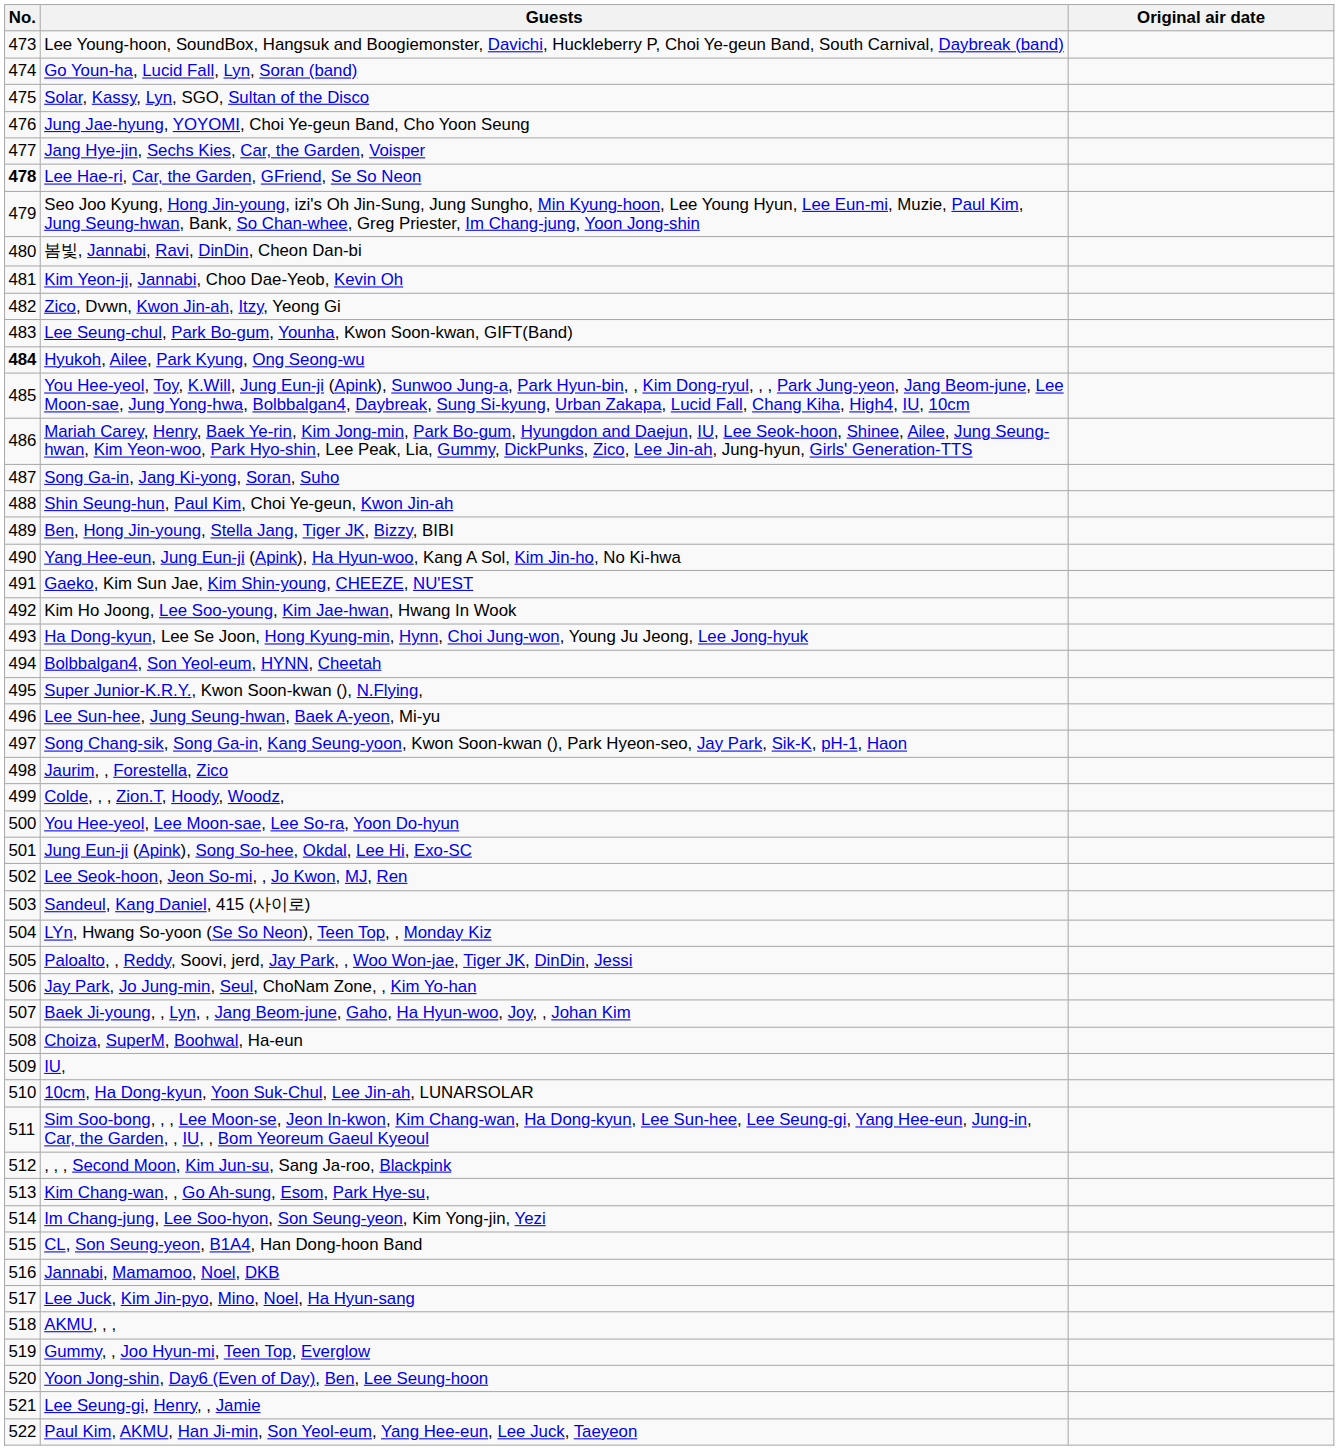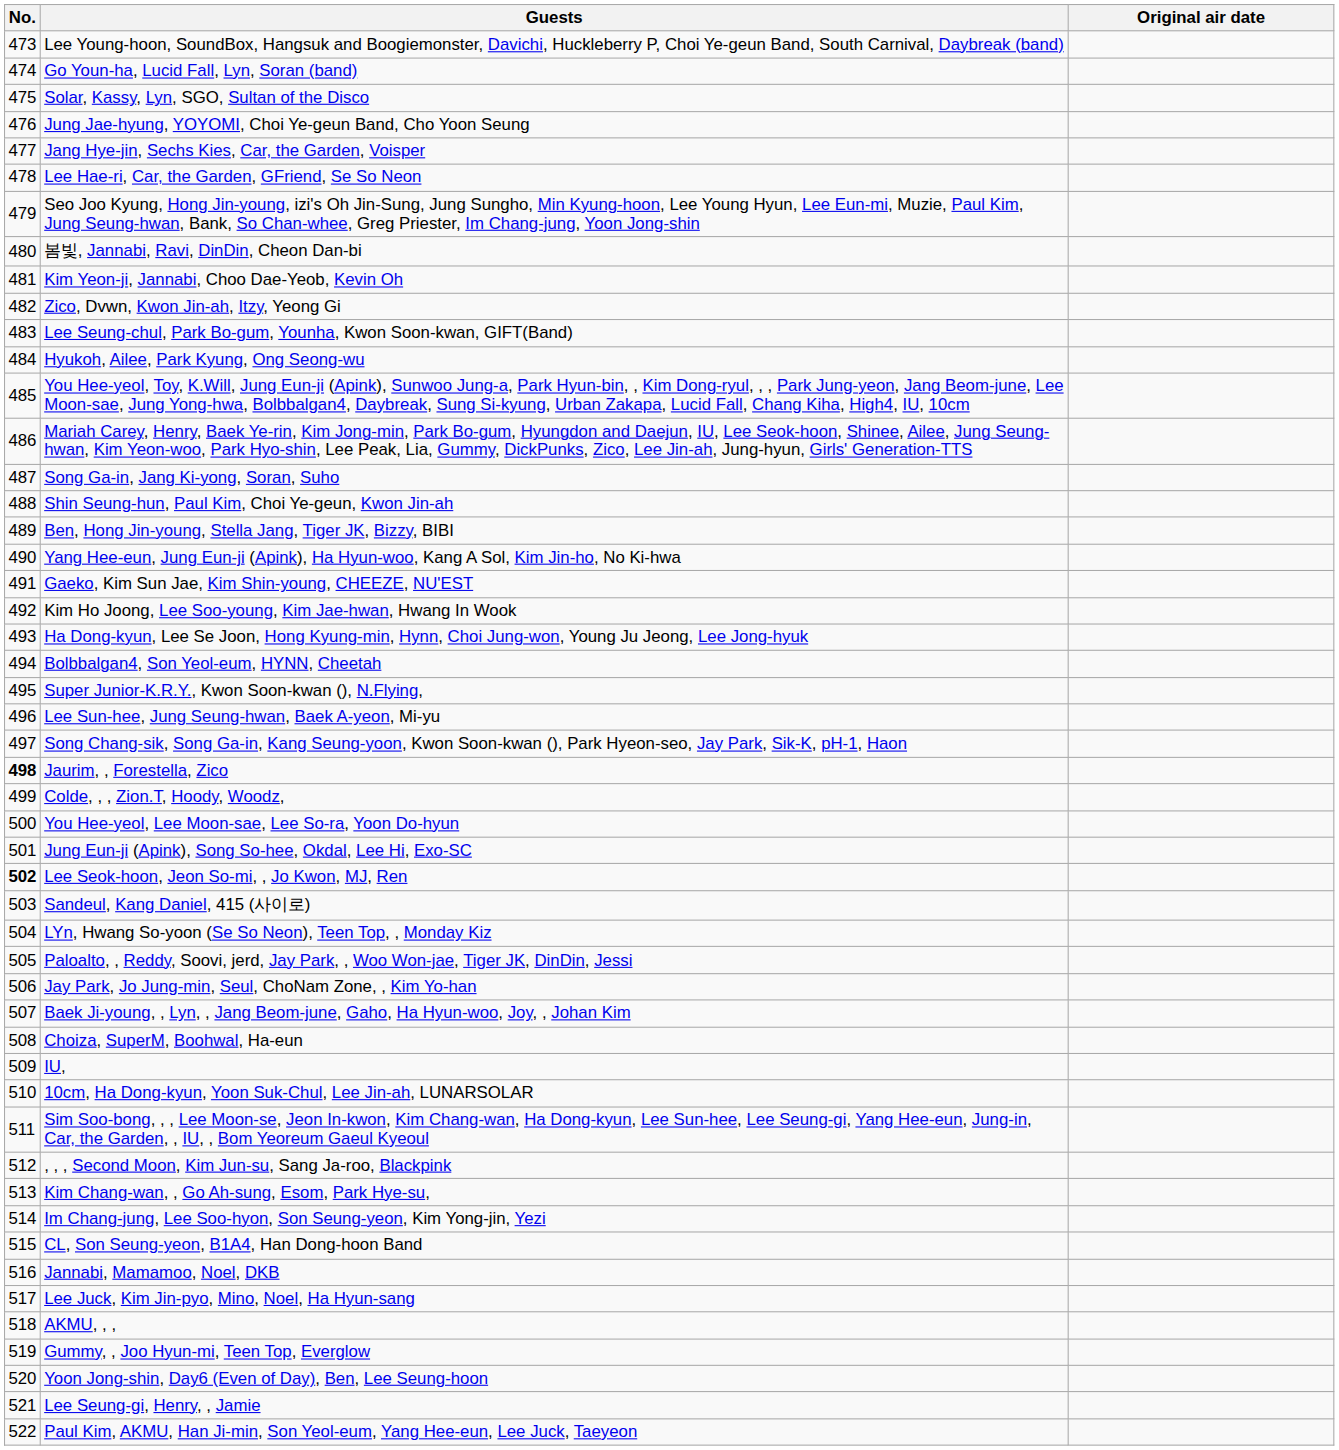 <table class="wikitable" style="width:80%; style="text-align:center" margin:auto; background:#FFFFFF;">
 <tr>
 <th>No.</th>
 <th>Guests</th>
 <th width="20%">Original air date</th>
 </tr>
 <tr>
 <td>473</td>
 <td>Lee Young-hoon, SoundBox, Hangsuk and Boogiemonster, <a href='#'>Davichi</a>, Huckleberry P, Choi Ye-geun Band, South Carnival, <a href='#'>Daybreak (band)</a></td>
 <td></td>
 </tr>
 <tr>
 <td>474</td>
 <td><a href='#'>Go Youn-ha</a>, <a href='#'>Lucid Fall</a>, <a href='#'>Lyn</a>, <a href='#'>Soran (band)</a></td>
 <td></td>
 </tr>
 <tr>
 <td>475</td>
 <td><a href='#'>Solar</a>, <a href='#'>Kassy</a>, <a href='#'>Lyn</a>, SGO, <a href='#'>Sultan of the Disco</a></td>
 <td></td>
 </tr>
 <tr>
 <td>476</td>
 <td><a href='#'>Jung Jae-hyung</a>, <a href='#'>YOYOMI</a>, Choi Ye-geun Band, Cho Yoon Seung</td>
 <td></td>
 </tr>
 <tr>
 <td>477</td>
 <td><a href='#'>Jang Hye-jin</a>, <a href='#'>Sechs Kies</a>, <a href='#'>Car, the Garden</a>, <a href='#'>Voisper</a></td>
 <td></td>
 </tr>
 <tr>
-<td><strong>478</strong></td>
+<td>478</td>
 <td><a href='#'>Lee Hae-ri</a>, <a href='#'>Car, the Garden</a>, <a href='#'>GFriend</a>, <a href='#'>Se So Neon</a></td>
 <td></td>
 </tr>
 <tr>
 <td>479</td>
 <td>Seo Joo Kyung, <a href='#'>Hong Jin-young</a>, izi's Oh Jin-Sung, Jung Sungho, <a href='#'>Min Kyung-hoon</a>, Lee Young Hyun, <a href='#'>Lee Eun-mi</a>, Muzie, <a href='#'>Paul Kim</a>, <a href='#'>Jung Seung-hwan</a>, Bank, <a href='#'>So Chan-whee</a>, Greg Priester, <a href='#'>Im Chang-jung</a>, <a href='#'>Yoon Jong-shin</a></td>
 <td></td>
 </tr>
 <tr>
 <td>480</td>
 <td>봄빛, <a href='#'>Jannabi</a>, <a href='#'>Ravi</a>, <a href='#'>DinDin</a>, Cheon Dan-bi</td>
 <td></td>
 </tr>
 <tr>
 <td>481</td>
 <td><a href='#'>Kim Yeon-ji</a>, <a href='#'>Jannabi</a>, Choo Dae-Yeob, <a href='#'>Kevin Oh</a></td>
 <td></td>
 </tr>
 <tr>
 <td>482</td>
 <td><a href='#'>Zico</a>, Dvwn, <a href='#'>Kwon Jin-ah</a>, <a href='#'>Itzy</a>, Yeong Gi</td>
 <td></td>
 </tr>
 <tr>
 <td>483</td>
 <td><a href='#'>Lee Seung-chul</a>, <a href='#'>Park Bo-gum</a>, <a href='#'>Younha</a>, Kwon Soon-kwan, GIFT(Band)</td>
 <td></td>
 </tr>
 <tr>
-<td><strong>484</strong></td>
+<td>484</td>
 <td><a href='#'>Hyukoh</a>, <a href='#'>Ailee</a>, <a href='#'>Park Kyung</a>, <a href='#'>Ong Seong-wu</a></td>
 <td></td>
 </tr>
 <tr>
 <td>485</td>
 <td><a href='#'>You Hee-yeol</a>, <a href='#'>Toy</a>, <a href='#'>K.Will</a>, <a href='#'>Jung Eun-ji</a> (<a href='#'>Apink</a>), <a href='#'>Sunwoo Jung-a</a>, <a href='#'>Park Hyun-bin</a>, , <a href='#'>Kim Dong-ryul</a>, , , <a href='#'>Park Jung-yeon</a>, <a href='#'>Jang Beom-june</a>, <a href='#'>Lee Moon-sae</a>, <a href='#'>Jung Yong-hwa</a>, <a href='#'>Bolbbalgan4</a>, <a href='#'>Daybreak</a>, <a href='#'>Sung Si-kyung</a>, <a href='#'>Urban Zakapa</a>, <a href='#'>Lucid Fall</a>, <a href='#'>Chang Kiha</a>, <a href='#'>High4</a>, <a href='#'>IU</a>, <a href='#'>10cm</a></td>
 <td></td>
 </tr>
 <tr>
 <td>486</td>
 <td><a href='#'>Mariah Carey</a>, <a href='#'>Henry</a>, <a href='#'>Baek Ye-rin</a>, <a href='#'>Kim Jong-min</a>, <a href='#'>Park Bo-gum</a>, <a href='#'>Hyungdon and Daejun</a>, <a href='#'>IU</a>, <a href='#'>Lee Seok-hoon</a>, <a href='#'>Shinee</a>, <a href='#'>Ailee</a>, <a href='#'>Jung Seung-hwan</a>, <a href='#'>Kim Yeon-woo</a>, <a href='#'>Park Hyo-shin</a>, Lee Peak, Lia, <a href='#'>Gummy</a>, <a href='#'>DickPunks</a>, <a href='#'>Zico</a>, <a href='#'>Lee Jin-ah</a>, Jung-hyun, <a href='#'>Girls' Generation-TTS</a></td>
 <td></td>
 </tr>
 <tr>
 <td>487</td>
 <td><a href='#'>Song Ga-in</a>, <a href='#'>Jang Ki-yong</a>, <a href='#'>Soran</a>, <a href='#'>Suho</a></td>
 <td></td>
 </tr>
 <tr>
 <td>488</td>
 <td><a href='#'>Shin Seung-hun</a>, <a href='#'>Paul Kim</a>, Choi Ye-geun, <a href='#'>Kwon Jin-ah</a></td>
 <td></td>
 </tr>
 <tr>
 <td>489</td>
 <td><a href='#'>Ben</a>, <a href='#'>Hong Jin-young</a>, <a href='#'>Stella Jang</a>, <a href='#'>Tiger JK</a>, <a href='#'>Bizzy</a>, BIBI</td>
 <td></td>
 </tr>
 <tr>
 <td>490</td>
 <td><a href='#'>Yang Hee-eun</a>, <a href='#'>Jung Eun-ji</a> (<a href='#'>Apink</a>), <a href='#'>Ha Hyun-woo</a>, Kang A Sol, <a href='#'>Kim Jin-ho</a>, No Ki-hwa</td>
 <td></td>
 </tr>
 <tr>
 <td>491</td>
 <td><a href='#'>Gaeko</a>, Kim Sun Jae, <a href='#'>Kim Shin-young</a>, <a href='#'>CHEEZE</a>, <a href='#'>NU'EST</a></td>
 <td></td>
 </tr>
 <tr>
 <td>492</td>
 <td>Kim Ho Joong, <a href='#'>Lee Soo-young</a>, <a href='#'>Kim Jae-hwan</a>, Hwang In Wook</td>
 <td></td>
 </tr>
 <tr>
 <td>493</td>
 <td><a href='#'>Ha Dong-kyun</a>, Lee Se Joon, <a href='#'>Hong Kyung-min</a>, <a href='#'>Hynn</a>, <a href='#'>Choi Jung-won</a>, Young Ju Jeong, <a href='#'>Lee Jong-hyuk</a></td>
 <td></td>
 </tr>
 <tr>
 <td>494</td>
 <td><a href='#'>Bolbbalgan4</a>, <a href='#'>Son Yeol-eum</a>, <a href='#'>HYNN</a>, <a href='#'>Cheetah</a></td>
 <td></td>
 </tr>
 <tr>
 <td>495</td>
 <td><a href='#'>Super Junior-K.R.Y.</a>, Kwon Soon-kwan (), <a href='#'>N.Flying</a>, </td>
 <td></td>
 </tr>
 <tr>
 <td>496</td>
 <td><a href='#'>Lee Sun-hee</a>, <a href='#'>Jung Seung-hwan</a>, <a href='#'>Baek A-yeon</a>, Mi-yu</td>
 <td></td>
 </tr>
 <tr>
 <td>497</td>
 <td><a href='#'>Song Chang-sik</a>, <a href='#'>Song Ga-in</a>, <a href='#'>Kang Seung-yoon</a>, Kwon Soon-kwan (), Park Hyeon-seo, <a href='#'>Jay Park</a>, <a href='#'>Sik-K</a>, <a href='#'>pH-1</a>, <a href='#'>Haon</a></td>
 <td></td>
 </tr>
 <tr>
-<td>498</td>
+<td><strong>498</strong></td>
 <td><a href='#'>Jaurim</a>, , <a href='#'>Forestella</a>, <a href='#'>Zico</a></td>
 <td></td>
 </tr>
 <tr>
 <td>499</td>
 <td><a href='#'>Colde</a>, , , <a href='#'>Zion.T</a>, <a href='#'>Hoody</a>, <a href='#'>Woodz</a>,</td>
 <td></td>
 </tr>
 <tr>
 <td>500</td>
 <td><a href='#'>You Hee-yeol</a>, <a href='#'>Lee Moon-sae</a>, <a href='#'>Lee So-ra</a>, <a href='#'>Yoon Do-hyun</a></td>
 <td></td>
 </tr>
 <tr>
 <td>501</td>
 <td><a href='#'>Jung Eun-ji</a> (<a href='#'>Apink</a>), <a href='#'>Song So-hee</a>, <a href='#'>Okdal</a>, <a href='#'>Lee Hi</a>, <a href='#'>Exo-SC</a></td>
 <td></td>
 </tr>
 <tr>
-<td>502</td>
+<td><strong>502</strong></td>
 <td><a href='#'>Lee Seok-hoon</a>, <a href='#'>Jeon So-mi</a>, , <a href='#'>Jo Kwon</a>, <a href='#'>MJ</a>, <a href='#'>Ren</a></td>
 <td></td>
 </tr>
 <tr>
 <td>503</td>
 <td><a href='#'>Sandeul</a>, <a href='#'>Kang Daniel</a>, 415 (사이로)</td>
 <td></td>
 </tr>
 <tr>
 <td>504</td>
 <td><a href='#'>LYn</a>, Hwang So-yoon (<a href='#'>Se So Neon</a>), <a href='#'>Teen Top</a>,  , <a href='#'>Monday Kiz</a></td>
 <td></td>
 </tr>
 <tr>
 <td>505</td>
 <td><a href='#'>Paloalto</a>, , <a href='#'>Reddy</a>, Soovi, jerd, <a href='#'>Jay Park</a>, , <a href='#'>Woo Won-jae</a>, <a href='#'>Tiger JK</a>, <a href='#'>DinDin</a>, <a href='#'>Jessi</a></td>
 <td></td>
 </tr>
 <tr>
 <td>506</td>
 <td><a href='#'>Jay Park</a>, <a href='#'>Jo Jung-min</a>, <a href='#'>Seul</a>, ChoNam Zone, , <a href='#'>Kim Yo-han</a></td>
 <td></td>
 </tr>
 <tr>
 <td>507</td>
 <td><a href='#'>Baek Ji-young</a>, , <a href='#'>Lyn</a>, , <a href='#'>Jang Beom-june</a>, <a href='#'>Gaho</a>, <a href='#'>Ha Hyun-woo</a>, <a href='#'>Joy</a>, , <a href='#'>Johan Kim</a></td>
 <td></td>
 </tr>
 <tr>
 <td>508</td>
 <td><a href='#'>Choiza</a>, <a href='#'>SuperM</a>, <a href='#'>Boohwal</a>, Ha-eun</td>
 <td></td>
 </tr>
 <tr>
 <td>509</td>
 <td><a href='#'>IU</a>, </td>
 <td></td>
 </tr>
 <tr>
 <td>510</td>
 <td><a href='#'>10cm</a>, <a href='#'>Ha Dong-kyun</a>, <a href='#'>Yoon Suk-Chul</a>, <a href='#'>Lee Jin-ah</a>, LUNARSOLAR</td>
 <td></td>
 </tr>
 <tr>
 <td>511</td>
 <td><a href='#'>Sim Soo-bong</a>, , , <a href='#'>Lee Moon-se</a>, <a href='#'>Jeon In-kwon</a>, <a href='#'>Kim Chang-wan</a>, <a href='#'>Ha Dong-kyun</a>, <a href='#'>Lee Sun-hee</a>, <a href='#'>Lee Seung-gi</a>, <a href='#'>Yang Hee-eun</a>, <a href='#'>Jung-in</a>, <a href='#'>Car, the Garden</a>, , <a href='#'>IU</a>, , <a href='#'>Bom Yeoreum Gaeul Kyeoul</a></td>
 <td></td>
 </tr>
 <tr>
 <td>512</td>
 <td>, , , <a href='#'>Second Moon</a>, <a href='#'>Kim Jun-su</a>, Sang Ja-roo, <a href='#'>Blackpink</a></td>
 <td></td>
 </tr>
 <tr>
 <td>513</td>
 <td><a href='#'>Kim Chang-wan</a>, , <a href='#'>Go Ah-sung</a>, <a href='#'>Esom</a>, <a href='#'>Park Hye-su</a>, </td>
 <td></td>
 </tr>
 <tr>
 <td>514</td>
 <td><a href='#'>Im Chang-jung</a>, <a href='#'>Lee Soo-hyon</a>, <a href='#'>Son Seung-yeon</a>, Kim Yong-jin, <a href='#'>Yezi</a></td>
 <td></td>
 </tr>
 <tr>
 <td>515</td>
 <td><a href='#'>CL</a>, <a href='#'>Son Seung-yeon</a>, <a href='#'>B1A4</a>, Han Dong-hoon Band</td>
 <td></td>
 </tr>
 <tr>
 <td>516</td>
 <td><a href='#'>Jannabi</a>, <a href='#'>Mamamoo</a>, <a href='#'>Noel</a>, <a href='#'>DKB</a></td>
 <td></td>
 </tr>
 <tr>
 <td>517</td>
 <td><a href='#'>Lee Juck</a>, <a href='#'>Kim Jin-pyo</a>, <a href='#'>Mino</a>, <a href='#'>Noel</a>, <a href='#'>Ha Hyun-sang</a></td>
 <td></td>
 </tr>
 <tr>
 <td>518</td>
 <td><a href='#'>AKMU</a>, , , </td>
 <td></td>
 </tr>
 <tr>
 <td>519</td>
 <td><a href='#'>Gummy</a>, , <a href='#'>Joo Hyun-mi</a>, <a href='#'>Teen Top</a>, <a href='#'>Everglow</a></td>
 <td></td>
 </tr>
 <tr>
 <td>520</td>
 <td><a href='#'>Yoon Jong-shin</a>, <a href='#'>Day6 (Even of Day)</a>, <a href='#'>Ben</a>, <a href='#'>Lee Seung-hoon</a></td>
 <td></td>
 </tr>
 <tr>
 <td>521</td>
 <td><a href='#'>Lee Seung-gi</a>, <a href='#'>Henry</a>, , <a href='#'>Jamie</a></td>
 <td></td>
 </tr>
 <tr>
 <td>522</td>
 <td><a href='#'>Paul Kim</a>, <a href='#'>AKMU</a>, <a href='#'>Han Ji-min</a>, <a href='#'>Son Yeol-eum</a>, <a href='#'>Yang Hee-eun</a>, <a href='#'>Lee Juck</a>, <a href='#'>Taeyeon</a></td>
 <td></td>
 </tr>
 </table>
